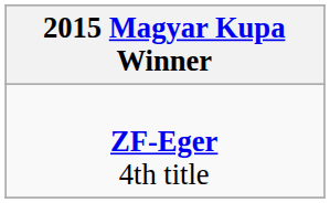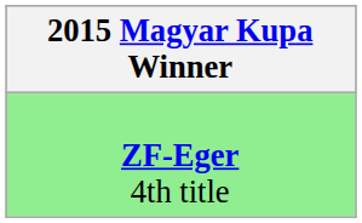 <table class=wikitable style="text-align:center; width:175px; margin:auto">
 <tr>
 <th>2015 <a href='#'>Magyar Kupa</a><br>Winner</th>
 </tr>
 <tr>
-<td align=center><br><strong><a href='#'>ZF-Eger</a></strong><br>4th title</td>
+<td align=center style="background: lightgreen;"><br><strong><a href='#'>ZF-Eger</a></strong><br>4th title</td>
 </tr>
 </table>
